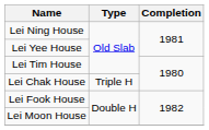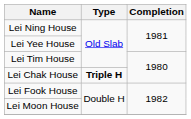 <table class="wikitable" style="text-align: center">
 <tr>
 <th>Name</th>
 <th>Type</th>
 <th>Completion</th>
 </tr>
 <tr>
 <td>Lei Ning House</td>
 <td rowspan="3"><a href='#'>Old Slab</a></td>
 <td rowspan="2">1981</td>
 </tr>
 <tr>
 <td>Lei Yee House</td>
 </tr>
 <tr>
 <td>Lei Tim House</td>
 <td rowspan="2">1980</td>
 </tr>
 <tr>
 <td>Lei Chak House</td>
-<td rowspan="1">Triple H</td>
+<td rowspan="1"><strong>Triple H</strong></td>
 </tr>
 <tr>
 <td>Lei Fook House</td>
 <td rowspan="2">Double H</td>
 <td rowspan="2">1982</td>
 </tr>
 <tr>
 <td>Lei Moon House</td>
 </tr>
 <tr>
 </tr>
 </table>
